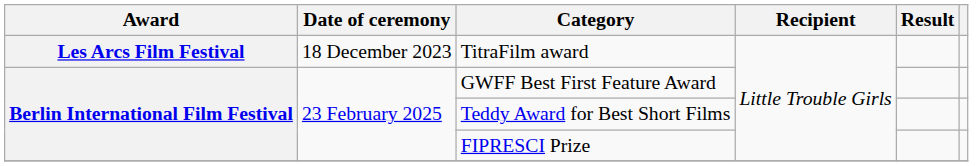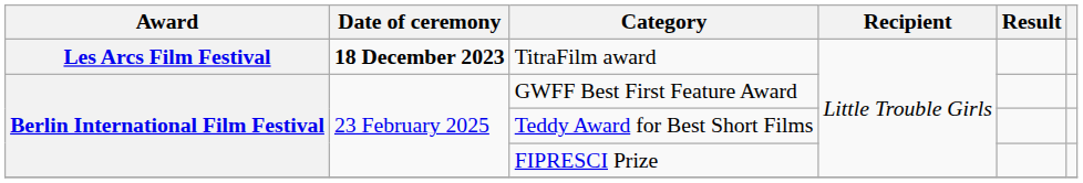 <table class="wikitable sortable plainrowheaders">
 <tr>
 <th>Award</th>
 <th>Date of ceremony</th>
 <th>Category</th>
 <th>Recipient</th>
 <th>Result</th>
 <th></th>
 </tr>
 <tr>
 <th scope="row" rowspan="1"><a href='#'>Les Arcs Film Festival</a></th>
-<td>18 December 2023</td>
+<td><strong>18 December 2023</strong></td>
 <td>TitraFilm award</td>
 <td rowspan="4"><em>Little Trouble Girls</em></td>
 <td></td>
 <td align="center"></td>
 </tr>
 <tr>
 <th scope="row" rowspan="3"><a href='#'>Berlin International Film Festival</a></th>
 <td rowspan="3"><a href='#'>23 February 2025</a></td>
 <td>GWFF Best First Feature Award</td>
 <td></td>
 <td align="center"></td>
 </tr>
 <tr>
 <td><a href='#'>Teddy Award</a> for Best Short Films</td>
 <td></td>
 <td align="center" rowspan="1"></td>
 </tr>
 <tr>
 <td><a href='#'>FIPRESCI</a> Prize</td>
 <td></td>
 <td align="center"></td>
 </tr>
 <tr>
 </tr>
 </table>
